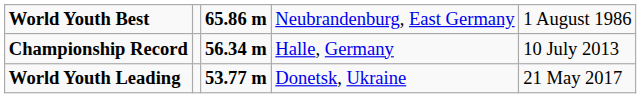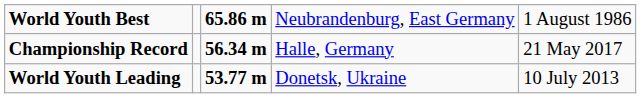 <table class="wikitable">
 <tr>
 <td><strong>World Youth Best</strong></td>
 <td></td>
 <td><strong>65.86 m</strong></td>
 <td><a href='#'>Neubrandenburg</a>, <a href='#'>East Germany</a></td>
 <td>1 August 1986</td>
 </tr>
 <tr>
 <td><strong>Championship Record</strong></td>
 <td></td>
 <td><strong>56.34 m</strong></td>
 <td><a href='#'>Halle</a>, <a href='#'>Germany</a></td>
-<td>10 July 2013</td>
+<td>21 May 2017</td>
 </tr>
 <tr>
 <td><strong>World Youth Leading</strong></td>
 <td></td>
 <td><strong>53.77 m</strong></td>
 <td><a href='#'>Donetsk</a>, <a href='#'>Ukraine</a></td>
-<td>21 May 2017</td>
+<td>10 July 2013</td>
 </tr>
 </table>
